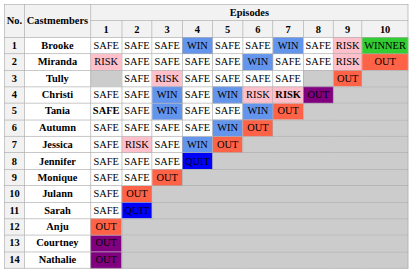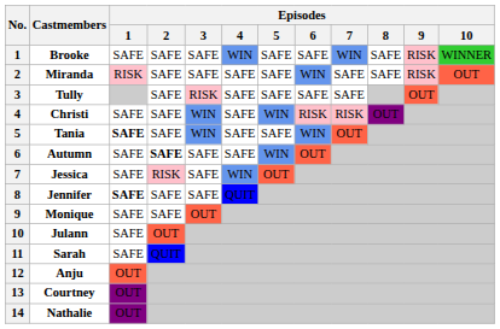 <table class="wikitable" style="text-align:center; background-color:white">
 <tr>
 <th rowspan=2>No.</th>
 <th rowspan=2>Castmembers</th>
 <th colspan=10>Episodes</th>
 </tr>
 <tr>
 <th>1</th>
 <th>2</th>
 <th>3</th>
 <th>4</th>
 <th>5</th>
 <th>6</th>
 <th>7</th>
 <th>8</th>
 <th>9</th>
 <th>10</th>
 </tr>
 <tr>
 <th>1</th>
 <td><strong>Brooke</strong></td>
 <td>SAFE</td>
 <td>SAFE</td>
 <td>SAFE</td>
 <td bgcolor="cornflowerblue">WIN</td>
 <td>SAFE</td>
 <td>SAFE</td>
 <td bgcolor="cornflowerblue">WIN</td>
 <td>SAFE</td>
 <td bgcolor="pink">RISK</td>
 <td bgcolor="limegreen">WINNER</td>
 </tr>
 <tr>
 <th>2</th>
 <td><strong>Miranda</strong></td>
 <td bgcolor="pink">RISK</td>
 <td>SAFE</td>
 <td>SAFE</td>
 <td>SAFE</td>
 <td>SAFE</td>
 <td bgcolor="cornflowerblue">WIN</td>
 <td>SAFE</td>
 <td>SAFE</td>
 <td bgcolor="pink">RISK</td>
 <td bgcolor="tomato">OUT</td>
 </tr>
 <tr>
 <th>3</th>
 <td><strong>Tully</strong></td>
 <td bgcolor="#ccc"></td>
 <td>SAFE</td>
 <td bgcolor="pink">RISK</td>
 <td>SAFE</td>
 <td>SAFE</td>
 <td>SAFE</td>
 <td>SAFE</td>
 <td bgcolor="#ccc"></td>
 <td bgcolor="tomato">OUT</td>
 <td bgcolor="#ccc"></td>
 </tr>
 <tr>
 <th>4</th>
 <td><strong>Christi</strong></td>
 <td>SAFE</td>
 <td>SAFE</td>
 <td bgcolor="cornflowerblue">WIN</td>
 <td>SAFE</td>
 <td bgcolor="cornflowerblue">WIN</td>
 <td bgcolor="pink">RISK</td>
-<td bgcolor="pink"><strong>RISK</strong></td>
+<td bgcolor="pink">RISK</td>
 <td bgcolor="purple"><span>OUT</span></td>
 <td bgcolor="#ccc" colspan=2></td>
 </tr>
 <tr>
 <th>5</th>
 <td><strong>Tania</strong></td>
 <td><strong>SAFE</strong></td>
 <td>SAFE</td>
 <td bgcolor="cornflowerblue">WIN</td>
 <td>SAFE</td>
 <td>SAFE</td>
 <td bgcolor="cornflowerblue">WIN</td>
 <td bgcolor="tomato">OUT</td>
 <td bgcolor="#ccc" colspan=3></td>
 </tr>
 <tr>
 <th>6</th>
 <td><strong>Autumn</strong></td>
 <td>SAFE</td>
-<td>SAFE</td>
+<td><strong>SAFE</strong></td>
 <td>SAFE</td>
 <td>SAFE</td>
 <td bgcolor="cornflowerblue">WIN</td>
 <td bgcolor="tomato">OUT</td>
 <td bgcolor="#ccc" colspan=4></td>
 </tr>
 <tr>
 <th>7</th>
 <td><strong>Jessica</strong></td>
 <td>SAFE</td>
 <td bgcolor="pink">RISK</td>
 <td>SAFE</td>
 <td bgcolor="cornflowerblue">WIN</td>
 <td bgcolor="tomato">OUT</td>
 <td bgcolor="#ccc" colspan=5></td>
 </tr>
 <tr>
 <th>8</th>
 <td><strong>Jennifer</strong></td>
-<td>SAFE</td>
+<td><strong>SAFE</strong></td>
 <td>SAFE</td>
 <td>SAFE</td>
 <td bgcolor="blue"><span>QUIT</span></td>
 <td bgcolor="#ccc" colspan=6></td>
 </tr>
 <tr>
 <th>9</th>
 <td><strong>Monique</strong></td>
 <td>SAFE</td>
 <td>SAFE</td>
 <td bgcolor="tomato">OUT</td>
 <td bgcolor="#ccc" colspan=7></td>
 </tr>
 <tr>
 <th>10</th>
 <td><strong>Julann</strong></td>
 <td>SAFE</td>
 <td bgcolor="tomato">OUT</td>
 <td bgcolor="#ccc" colspan=8></td>
 </tr>
 <tr>
 <th>11</th>
 <td><strong>Sarah</strong></td>
 <td>SAFE</td>
 <td bgcolor="blue"><span>QUIT</span></td>
 <td bgcolor="#ccc" colspan=8></td>
 </tr>
 <tr>
 <th>12</th>
 <td><strong>Anju</strong></td>
 <td bgcolor="tomato">OUT</td>
 <td bgcolor="#ccc" colspan=9></td>
 </tr>
 <tr>
 <th>13</th>
 <td><strong>Courtney</strong></td>
 <td bgcolor="purple"><span>OUT</span></td>
 <td bgcolor="#ccc" colspan=9></td>
 </tr>
 <tr>
 <th>14</th>
 <td><strong>Nathalie</strong></td>
 <td bgcolor="purple"><span>OUT</span></td>
 <td bgcolor="#ccc" colspan=9></td>
 </tr>
 </table>
